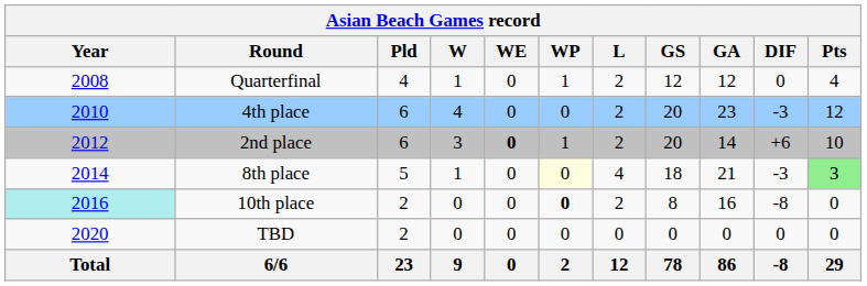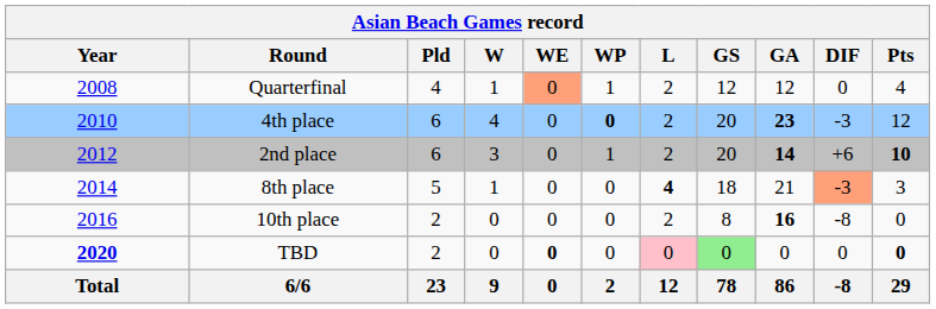 <table class="wikitable" style="text-align: center;font-size:90%;">
 <tr>
 <th colspan=11><a href='#'>Asian Beach Games</a> record</th>
 </tr>
 <tr>
 <th width=125>Year</th>
 <th width=150>Round</th>
 <th width=35>Pld</th>
 <th width=35>W</th>
 <th width=35>WE</th>
 <th width=35>WP</th>
 <th width=35>L</th>
 <th width=35>GS</th>
 <th width=35>GA</th>
 <th width=35>DIF</th>
 <th width=35>Pts</th>
 </tr>
 <tr>
 <td> <a href='#'>2008</a></td>
 <td>Quarterfinal</td>
 <td>4</td>
 <td>1</td>
-<td>0</td>
+<td style="background: lightsalmon;">0</td>
 <td>1</td>
 <td>2</td>
 <td>12</td>
 <td>12</td>
 <td>0</td>
 <td>4</td>
 </tr>
 <tr bgcolor=#9acdff>
 <td> <a href='#'>2010</a></td>
 <td>4th place</td>
 <td>6</td>
 <td>4</td>
 <td>0</td>
-<td>0</td>
+<td><strong>0</strong></td>
 <td>2</td>
 <td>20</td>
-<td>23</td>
+<td><strong>23</strong></td>
 <td>-3</td>
 <td>12</td>
 </tr>
 <tr bgcolor="silver">
 <td> <a href='#'>2012</a></td>
 <td>2nd place</td>
 <td>6</td>
 <td>3</td>
-<td><strong>0</strong></td>
+<td>0</td>
 <td>1</td>
 <td>2</td>
 <td>20</td>
-<td>14</td>
+<td><strong>14</strong></td>
 <td>+6</td>
-<td>10</td>
+<td><strong>10</strong></td>
 </tr>
 <tr>
 <td> <a href='#'>2014</a></td>
 <td>8th place</td>
 <td>5</td>
 <td>1</td>
 <td>0</td>
-<td style="background: lightyellow;">0</td>
-<td>4</td>
+<td>0</td>
+<td><strong>4</strong></td>
 <td>18</td>
 <td>21</td>
-<td>-3</td>
-<td style="background: lightgreen;">3</td>
+<td style="background: lightsalmon;">-3</td>
+<td>3</td>
 </tr>
 <tr>
-<td style="background: paleturquoise;"> <a href='#'>2016</a></td>
+<td> <a href='#'>2016</a></td>
 <td>10th place</td>
 <td>2</td>
 <td>0</td>
 <td>0</td>
-<td><strong>0</strong></td>
+<td>0</td>
 <td>2</td>
 <td>8</td>
-<td>16</td>
+<td><strong>16</strong></td>
 <td>-8</td>
 <td>0</td>
 </tr>
 <tr>
-<td> <a href='#'>2020</a></td>
+<td><strong> <a href='#'>2020</a></strong></td>
 <td>TBD</td>
 <td>2</td>
 <td>0</td>
+<td><strong>0</strong></td>
+<td>0</td>
+<td style="background: pink;">0</td>
+<td style="background: lightgreen;">0</td>
 <td>0</td>
 <td>0</td>
-<td>0</td>
-<td>0</td>
-<td>0</td>
-<td>0</td>
-<td>0</td>
+<td><strong>0</strong></td>
 </tr>
 <tr>
 <th><strong>Total</strong></th>
 <th>6/6</th>
 <th>23</th>
 <th>9</th>
 <th>0</th>
 <th>2</th>
 <th>12</th>
 <th>78</th>
 <th>86</th>
 <th>-8</th>
 <th>29</th>
 </tr>
 </table>
